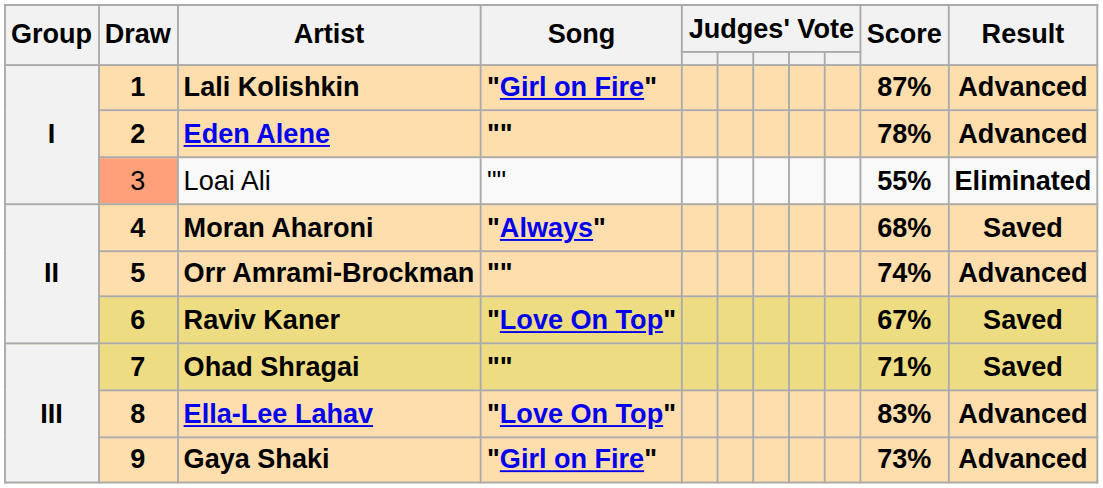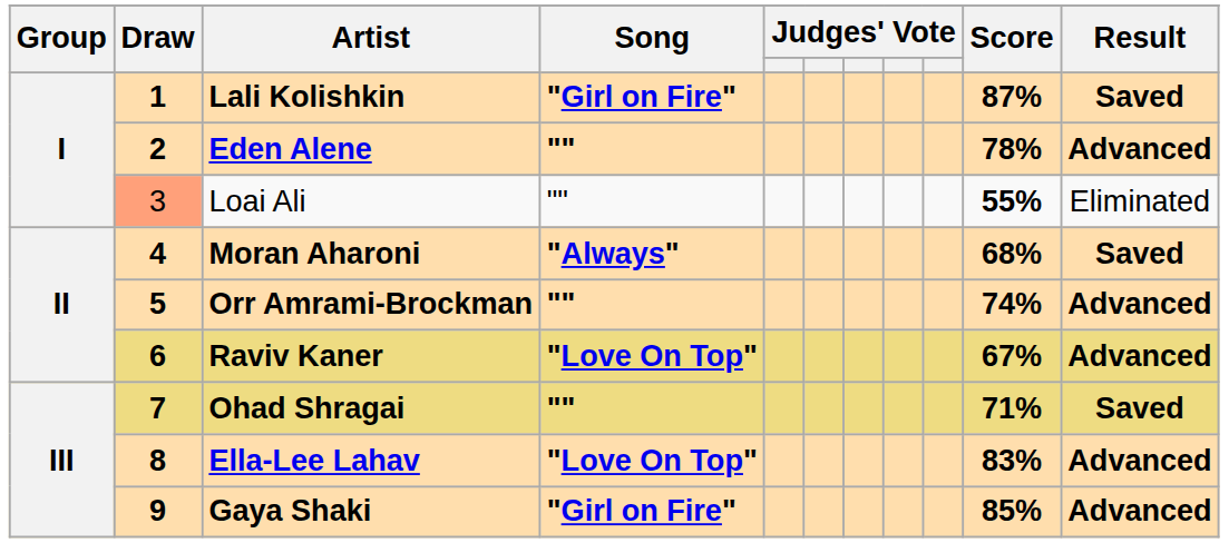 <table class="sortable wikitable" style="margin: 1em auto 1em auto; text-align:center; font-size:90%; line-height:18px;">
 <tr>
 </tr>
 <tr>
 <th rowspan="2" class="unsortable">Group</th>
 <th rowspan="2">Draw</th>
 <th rowspan="2">Artist</th>
 <th rowspan="2">Song</th>
 <th colspan="5" class="unsortable">Judges' Vote</th>
 <th rowspan="2">Score</th>
 <th rowspan="2">Result</th>
 </tr>
 <tr>
 <th class="unsortable"></th>
 <th class="unsortable"></th>
 <th class="unsortable"></th>
 <th class="unsortable"></th>
 <th class="unsortable"></th>
 </tr>
 <tr style="font-weight:bold; background:navajowhite;">
 <th rowspan="3">I</th>
 <td>1</td>
 <td align="left">Lali Kolishkin</td>
 <td align="left">"<a href='#'>Girl on Fire</a>"</td>
 <td></td>
 <td></td>
 <td></td>
 <td></td>
 <td></td>
 <td>87%</td>
-<td>Advanced</td>
+<td>Saved</td>
 </tr>
 <tr style="font-weight:bold; background:navajowhite;">
 <td>2</td>
 <td align="left"><a href='#'>Eden Alene</a></td>
 <td align="left">""</td>
 <td></td>
 <td></td>
 <td></td>
 <td></td>
 <td></td>
 <td>78%</td>
 <td>Advanced</td>
 </tr>
 <tr>
 <td style="background: lightsalmon;">3</td>
 <td align="left">Loai Ali</td>
 <td align="left">""</td>
 <td></td>
 <td></td>
 <td></td>
 <td></td>
 <td></td>
 <td><strong>55%</strong></td>
-<td><strong>Eliminated</strong></td>
+<td>Eliminated</td>
 </tr>
 <tr style="font-weight:bold; background:navajowhite;">
 <th rowspan="3">II</th>
 <td>4</td>
 <td align="left">Moran Aharoni</td>
 <td align="left">"<a href='#'>Always</a>"</td>
 <td></td>
 <td></td>
 <td></td>
 <td></td>
 <td></td>
 <td>68%</td>
 <td>Saved</td>
 </tr>
 <tr style="font-weight:bold; background:navajowhite;">
 <td>5</td>
 <td align="left">Orr Amrami-Brockman</td>
 <td align="left">""</td>
 <td></td>
 <td></td>
 <td></td>
 <td></td>
 <td></td>
 <td>74%</td>
 <td>Advanced</td>
 </tr>
 <tr style="font-weight:bold; background:#eedc82;">
 <td>6</td>
 <td align="left">Raviv Kaner</td>
 <td align="left">"<a href='#'>Love On Top</a>"</td>
 <td></td>
 <td></td>
 <td></td>
 <td></td>
 <td></td>
 <td>67%</td>
-<td>Saved</td>
+<td>Advanced</td>
 </tr>
 <tr style="font-weight:bold; background:#eedc82;">
 <th rowspan="3">III</th>
 <td>7</td>
 <td align="left">Ohad Shragai</td>
 <td align="left">""</td>
 <td></td>
 <td></td>
 <td></td>
 <td></td>
 <td></td>
 <td>71%</td>
 <td>Saved</td>
 </tr>
 <tr style="font-weight:bold; background:navajowhite;">
 <td>8</td>
 <td align="left"><a href='#'>Ella-Lee Lahav</a></td>
 <td align="left">"<a href='#'>Love On Top</a>"</td>
 <td></td>
 <td></td>
 <td></td>
 <td></td>
 <td></td>
 <td>83%</td>
 <td>Advanced</td>
 </tr>
 <tr style="font-weight:bold; background:navajowhite;">
 <td>9</td>
 <td align="left">Gaya Shaki</td>
 <td align="left">"<a href='#'>Girl on Fire</a>"</td>
 <td></td>
 <td></td>
 <td></td>
 <td></td>
 <td></td>
-<td>73%</td>
+<td>85%</td>
 <td>Advanced</td>
 </tr>
 </table>
